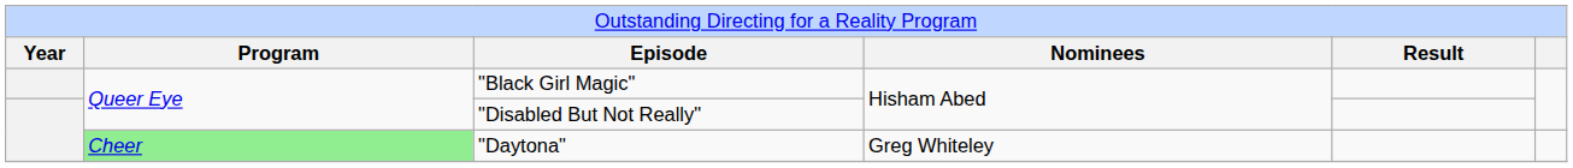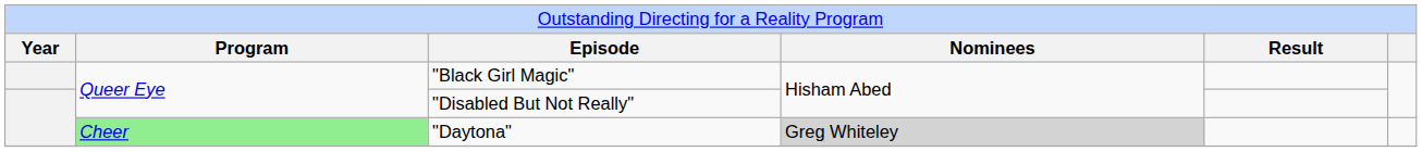 <table class="wikitable plainrowheaders" style="font-size: 90%" width=90%>
 <tr ---- bgcolor="#bfd7ff">
 <td colspan=6 align=center><a href='#'>Outstanding Directing for a Reality Program</a></td>
 </tr>
 <tr ---- bgcolor="#ebf5ff">
 <th width="5%">Year</th>
 <th width="25%">Program</th>
 <th width="25%">Episode</th>
 <th width="30%">Nominees</th>
 <th width="13%">Result</th>
 <th width="5%"></th>
 </tr>
 <tr>
 <th scope=row></th>
 <td rowspan="2"><em><a href='#'>Queer Eye</a></em></td>
 <td>"Black Girl Magic"</td>
 <td rowspan="2">Hisham Abed</td>
 <td></td>
 <td rowspan="2"></td>
 </tr>
 <tr>
 <th rowspan="2" scope=row></th>
 <td>"Disabled But Not Really"</td>
 <td></td>
 </tr>
 <tr>
 <td style="background: lightgreen;"><em><a href='#'>Cheer</a></em></td>
 <td>"Daytona"</td>
-<td>Greg Whiteley</td>
+<td style="background: lightgrey;">Greg Whiteley</td>
 <td></td>
 <td></td>
 </tr>
 <tr>
 </tr>
 </table>
